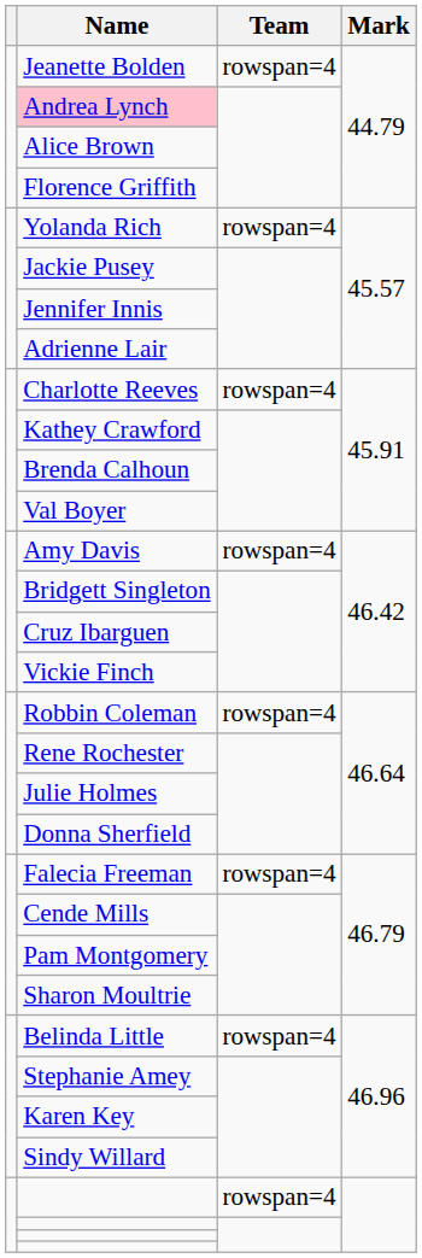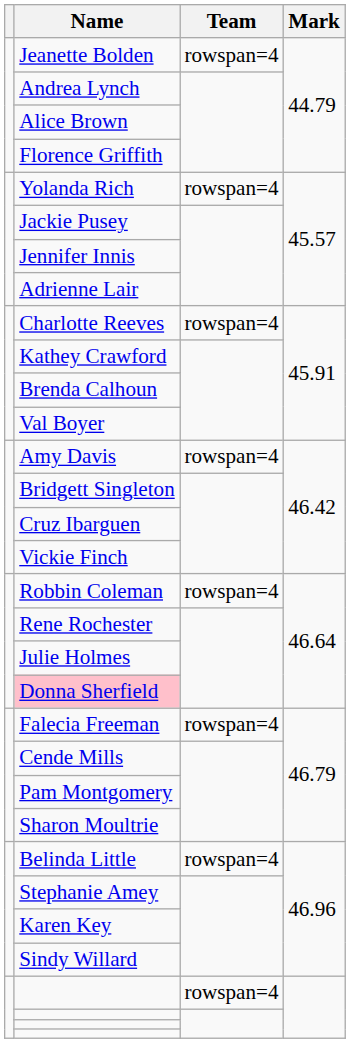 <table class=wikitable>
 <tr>
 <th></th>
 <th>Name</th>
 <th>Team</th>
 <th>Mark</th>
 </tr>
 <tr>
 <td rowspan=4></td>
 <td><a href='#'>Jeanette Bolden</a></td>
 <td>rowspan=4 </td>
 <td rowspan=4>44.79</td>
 </tr>
 <tr>
-<td style="background: pink;"><a href='#'>Andrea Lynch</a></td>
+<td><a href='#'>Andrea Lynch</a></td>
 </tr>
 <tr>
 <td><a href='#'>Alice Brown</a></td>
 </tr>
 <tr>
 <td><a href='#'>Florence Griffith</a></td>
 </tr>
 <tr>
 <td rowspan=4></td>
 <td><a href='#'>Yolanda Rich</a></td>
 <td>rowspan=4 </td>
 <td rowspan=4>45.57</td>
 </tr>
 <tr>
 <td><a href='#'>Jackie Pusey</a></td>
 </tr>
 <tr>
 <td><a href='#'>Jennifer Innis</a></td>
 </tr>
 <tr>
 <td><a href='#'>Adrienne Lair</a></td>
 </tr>
 <tr>
 <td rowspan=4></td>
 <td><a href='#'>Charlotte Reeves</a></td>
 <td>rowspan=4 </td>
 <td rowspan=4>45.91</td>
 </tr>
 <tr>
 <td><a href='#'>Kathey Crawford</a></td>
 </tr>
 <tr>
 <td><a href='#'>Brenda Calhoun</a></td>
 </tr>
 <tr>
 <td><a href='#'>Val Boyer</a></td>
 </tr>
 <tr>
 <td rowspan=4></td>
 <td><a href='#'>Amy Davis</a></td>
 <td>rowspan=4 </td>
 <td rowspan=4>46.42</td>
 </tr>
 <tr>
 <td><a href='#'>Bridgett Singleton</a></td>
 </tr>
 <tr>
 <td><a href='#'>Cruz Ibarguen</a></td>
 </tr>
 <tr>
 <td><a href='#'>Vickie Finch</a></td>
 </tr>
 <tr>
 <td rowspan=4></td>
 <td><a href='#'>Robbin Coleman</a></td>
 <td>rowspan=4 </td>
 <td rowspan=4>46.64</td>
 </tr>
 <tr>
 <td><a href='#'>Rene Rochester</a></td>
 </tr>
 <tr>
 <td><a href='#'>Julie Holmes</a></td>
 </tr>
 <tr>
-<td><a href='#'>Donna Sherfield</a></td>
+<td style="background: pink;"><a href='#'>Donna Sherfield</a></td>
 </tr>
 <tr>
 <td rowspan=4></td>
 <td><a href='#'>Falecia Freeman</a></td>
 <td>rowspan=4 </td>
 <td rowspan=4>46.79</td>
 </tr>
 <tr>
 <td><a href='#'>Cende Mills</a></td>
 </tr>
 <tr>
 <td><a href='#'>Pam Montgomery</a></td>
 </tr>
 <tr>
 <td><a href='#'>Sharon Moultrie</a></td>
 </tr>
 <tr>
 <td rowspan=4></td>
 <td><a href='#'>Belinda Little</a></td>
 <td>rowspan=4 </td>
 <td rowspan=4>46.96</td>
 </tr>
 <tr>
 <td><a href='#'>Stephanie Amey</a></td>
 </tr>
 <tr>
 <td><a href='#'>Karen Key</a></td>
 </tr>
 <tr>
 <td><a href='#'>Sindy Willard</a></td>
 </tr>
 <tr>
 <td rowspan=4></td>
 <td></td>
 <td>rowspan=4 </td>
 <td rowspan=4></td>
 </tr>
 <tr>
 <td></td>
 </tr>
 <tr>
 <td></td>
 </tr>
 <tr>
 <td></td>
 </tr>
 </table>
